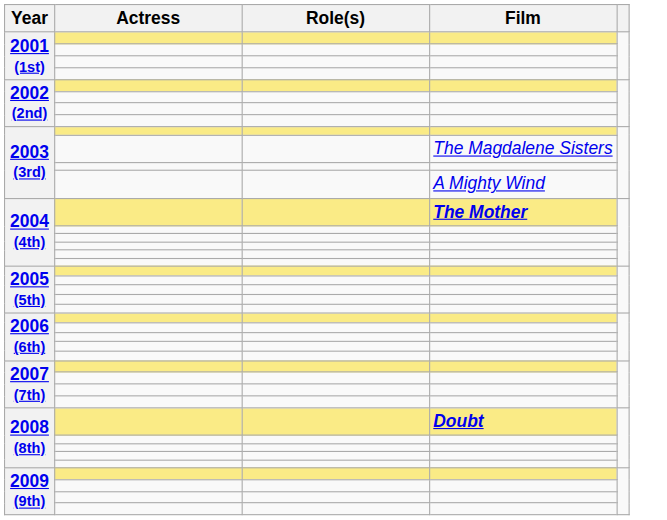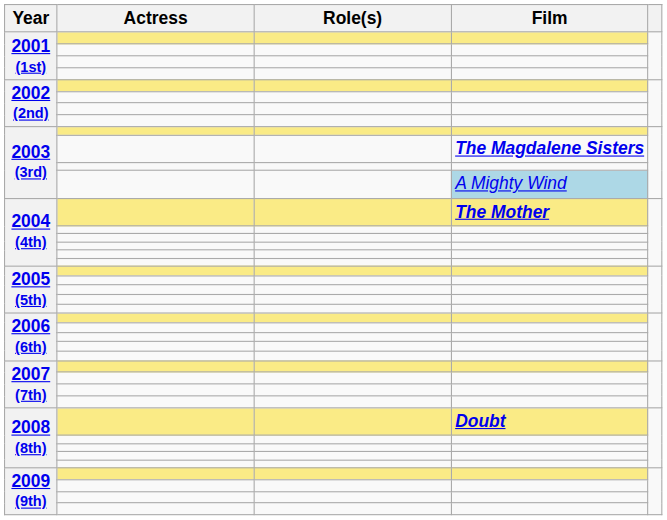 <table class="wikitable sortable">
 <tr>
 <th scope="col" style="width:8%;">Year</th>
 <th scope="col" style="width:30%;">Actress</th>
 <th scope="col" style="width:30%;">Role(s)</th>
 <th scope="col" style="width:30%;">Film</th>
 <th scope="col" style="width:2%;" class="unsortable"></th>
 </tr>
 <tr>
 <th scope="row" rowspan=4 style="text-align:center"><a href='#'>2001</a> <br><small><a href='#'>(1st)</a> </small></th>
 <td style="background:#FAEB86;"><strong> </strong></td>
 <td style="background:#FAEB86;"><strong></strong></td>
 <td style="background:#FAEB86;"><strong></strong></td>
 <td rowspan=4></td>
 </tr>
 <tr>
 <td></td>
 <td></td>
 <td></td>
 </tr>
 <tr>
 <td></td>
 <td></td>
 <td></td>
 </tr>
 <tr>
 <td></td>
 <td></td>
 <td></td>
 </tr>
 <tr>
 <th scope="row" rowspan=4 style="text-align:center"><a href='#'>2002</a> <br><small><a href='#'>(2nd)</a> </small></th>
 <td style="background:#FAEB86;"><strong> </strong></td>
 <td style="background:#FAEB86;"><strong></strong></td>
 <td style="background:#FAEB86;"><strong></strong></td>
 <td rowspan=4></td>
 </tr>
 <tr>
 <td></td>
 <td></td>
 <td></td>
 </tr>
 <tr>
 <td></td>
 <td></td>
 <td></td>
 </tr>
 <tr>
 <td></td>
 <td></td>
 <td></td>
 </tr>
 <tr>
 <th scope="row" rowspan=4 style="text-align:center"><a href='#'>2003</a> <br><small><a href='#'>(3rd)</a> </small></th>
 <td style="background:#FAEB86;"><strong> </strong></td>
 <td style="background:#FAEB86;"><strong></strong></td>
 <td style="background:#FAEB86;"><strong></strong></td>
 <td rowspan=4></td>
 </tr>
 <tr>
 <td></td>
 <td></td>
-<td><em><a href='#'>The Magdalene Sisters</a></em></td>
+<td><strong><em><a href='#'>The Magdalene Sisters</a></em></strong></td>
 </tr>
 <tr>
 <td></td>
 <td></td>
 <td></td>
 </tr>
 <tr>
 <td></td>
 <td></td>
-<td><em><a href='#'>A Mighty Wind</a></em></td>
+<td style="background: lightblue;"><em><a href='#'>A Mighty Wind</a></em></td>
 </tr>
 <tr>
 <th scope="row" rowspan=6 style="text-align:center"><a href='#'>2004</a> <br><small><a href='#'>(4th)</a> </small></th>
 <td style="background:#FAEB86;"><strong> </strong></td>
 <td style="background:#FAEB86;"><strong></strong></td>
 <td style="background:#FAEB86;"><strong><em><a href='#'>The Mother</a></em></strong></td>
 <td rowspan=6></td>
 </tr>
 <tr>
 <td></td>
 <td></td>
 <td></td>
 </tr>
 <tr>
 <td></td>
 <td></td>
 <td></td>
 </tr>
 <tr>
 <td></td>
 <td></td>
 <td></td>
 </tr>
 <tr>
 <td></td>
 <td></td>
 <td></td>
 </tr>
 <tr>
 <td></td>
 <td></td>
 <td></td>
 </tr>
 <tr>
 <th scope="row" rowspan=5 style="text-align:center"><a href='#'>2005</a> <br><small><a href='#'>(5th)</a> </small></th>
 <td style="background:#FAEB86;"><strong> </strong></td>
 <td style="background:#FAEB86;"><strong></strong></td>
 <td style="background:#FAEB86;"><strong></strong></td>
 <td rowspan=5></td>
 </tr>
 <tr>
 <td></td>
 <td></td>
 <td></td>
 </tr>
 <tr>
 <td></td>
 <td></td>
 <td></td>
 </tr>
 <tr>
 <td></td>
 <td></td>
 <td></td>
 </tr>
 <tr>
 <td></td>
 <td></td>
 <td></td>
 </tr>
 <tr>
 <th scope="row" rowspan=5 style="text-align:center"><a href='#'>2006</a> <br><small><a href='#'>(6th)</a> </small></th>
 <td style="background:#FAEB86;"><strong> </strong></td>
 <td style="background:#FAEB86;"><strong></strong></td>
 <td style="background:#FAEB86;"><strong></strong></td>
 <td rowspan=5></td>
 </tr>
 <tr>
 <td></td>
 <td></td>
 <td></td>
 </tr>
 <tr>
 <td></td>
 <td></td>
 <td></td>
 </tr>
 <tr>
 <td></td>
 <td></td>
 <td></td>
 </tr>
 <tr>
 <td></td>
 <td></td>
 <td></td>
 </tr>
 <tr>
 <th scope="row" rowspan=4 style="text-align:center"><a href='#'>2007</a> <br><small><a href='#'>(7th)</a> </small></th>
 <td style="background:#FAEB86;"><strong> </strong></td>
 <td style="background:#FAEB86;"><strong></strong></td>
 <td style="background:#FAEB86;"><strong></strong></td>
 <td rowspan=4></td>
 </tr>
 <tr>
 <td></td>
 <td></td>
 <td></td>
 </tr>
 <tr>
 <td></td>
 <td></td>
 <td></td>
 </tr>
 <tr>
 <td></td>
 <td></td>
 <td></td>
 </tr>
 <tr>
 <th scope="row" rowspan=5 style="text-align:center"><a href='#'>2008</a> <br><small><a href='#'>(8th)</a> </small></th>
 <td style="background:#FAEB86;"><strong> </strong></td>
 <td style="background:#FAEB86;"><strong></strong></td>
 <td style="background:#FAEB86;"><strong><em><a href='#'>Doubt</a></em></strong></td>
 <td rowspan=5></td>
 </tr>
 <tr>
 <td></td>
 <td></td>
 <td></td>
 </tr>
 <tr>
 <td></td>
 <td></td>
 <td></td>
 </tr>
 <tr>
 <td></td>
 <td></td>
 <td></td>
 </tr>
 <tr>
 <td></td>
 <td></td>
 <td></td>
 </tr>
 <tr>
 <th scope="row" rowspan=4 style="text-align:center"><a href='#'>2009</a> <br><small><a href='#'>(9th)</a> </small></th>
 <td style="background:#FAEB86;"><strong> </strong></td>
 <td style="background:#FAEB86;"><strong></strong></td>
 <td style="background:#FAEB86;"><strong></strong></td>
 <td rowspan=4></td>
 </tr>
 <tr>
 <td></td>
 <td></td>
 <td></td>
 </tr>
 <tr>
 <td></td>
 <td></td>
 <td></td>
 </tr>
 <tr>
 <td></td>
 <td></td>
 <td></td>
 </tr>
 </table>
